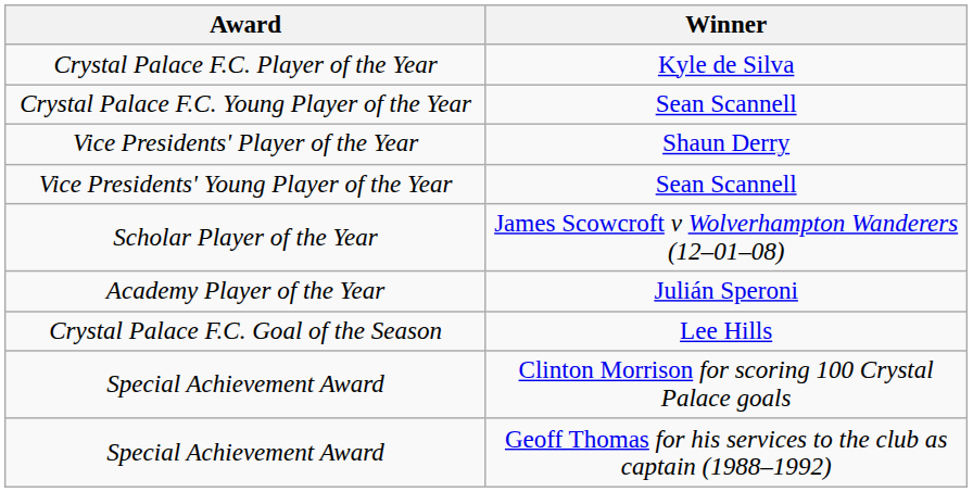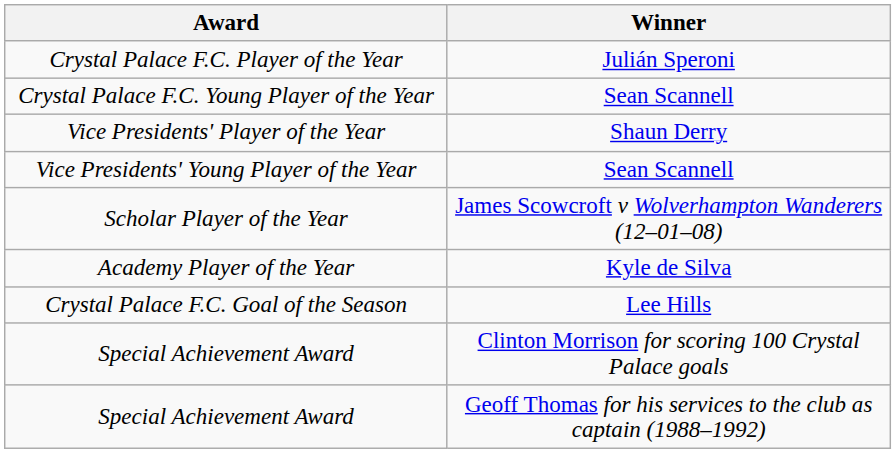 <table class="wikitable" style="text-align: center">
 <tr>
 <th style="width:300px;">Award</th>
 <th style="width:300px;">Winner</th>
 </tr>
 <tr>
 <td><em>Crystal Palace F.C. Player of the Year</em></td>
-<td><a href='#'>Kyle de Silva</a></td>
+<td><a href='#'>Julián Speroni</a></td>
 </tr>
 <tr>
 <td><em>Crystal Palace F.C. Young Player of the Year</em></td>
 <td><a href='#'>Sean Scannell</a></td>
 </tr>
 <tr>
 <td><em>Vice Presidents' Player of the Year</em></td>
 <td><a href='#'>Shaun Derry</a></td>
 </tr>
 <tr>
 <td><em>Vice Presidents' Young Player of the Year</em></td>
 <td><a href='#'>Sean Scannell</a></td>
 </tr>
 <tr>
 <td><em>Scholar Player of the Year</em></td>
 <td><a href='#'>James Scowcroft</a> <em>v <a href='#'>Wolverhampton Wanderers</a> (12–01–08)</em></td>
 </tr>
 <tr>
 <td><em>Academy Player of the Year</em></td>
-<td><a href='#'>Julián Speroni</a></td>
+<td><a href='#'>Kyle de Silva</a></td>
 </tr>
 <tr>
 <td><em>Crystal Palace F.C. Goal of the Season</em></td>
 <td><a href='#'>Lee Hills</a></td>
 </tr>
 <tr>
 <td><em>Special Achievement Award</em></td>
 <td><a href='#'>Clinton Morrison</a> <em>for scoring 100 Crystal Palace goals</em></td>
 </tr>
 <tr>
 <td><em>Special Achievement Award</em></td>
 <td><a href='#'>Geoff Thomas</a> <em>for his services to the club as captain (1988–1992)</em></td>
 </tr>
 </table>
